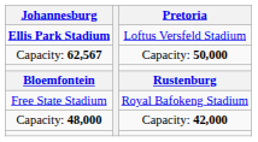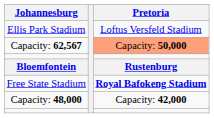 <table class="wikitable" style="text-align:center">
 <tr>
 <th><a href='#'>Johannesburg</a></th>
 <th rowspan=8 colspan=2></th>
 <th><a href='#'>Pretoria</a></th>
 </tr>
 <tr>
-<td><strong><a href='#'>Ellis Park Stadium</a></strong></td>
+<td><a href='#'>Ellis Park Stadium</a></td>
 <td><a href='#'>Loftus Versfeld Stadium</a></td>
 </tr>
 <tr>
 <td>Capacity: <strong>62,567</strong></td>
-<td>Capacity: <strong>50,000</strong></td>
+<td style="background: lightsalmon;">Capacity: <strong>50,000</strong></td>
 </tr>
 <tr>
 <td></td>
 <td></td>
 </tr>
 <tr>
 <th><a href='#'>Bloemfontein</a></th>
 <th><a href='#'>Rustenburg</a></th>
 </tr>
 <tr>
 <td><a href='#'>Free State Stadium</a></td>
-<td><a href='#'>Royal Bafokeng Stadium</a></td>
+<td><strong><a href='#'>Royal Bafokeng Stadium</a></strong></td>
 </tr>
 <tr>
 <td>Capacity: <strong>48,000</strong></td>
 <td>Capacity: <strong>42,000</strong></td>
 </tr>
 <tr>
 <td></td>
 <td></td>
 </tr>
 </table>
